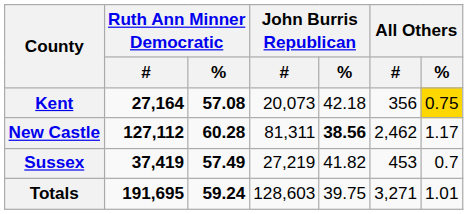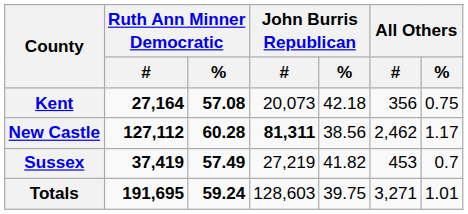 <table class="wikitable sortable" style="text-align:right;font-size:90%;line-height:1.3">
 <tr>
 <th rowspan="2">County</th>
 <th colspan="2"><a href='#'>Ruth Ann Minner</a><br><a href='#'>Democratic</a></th>
 <th colspan="2">John Burris<br><a href='#'>Republican</a></th>
 <th colspan="2">All Others</th>
 </tr>
 <tr>
 <th data-sort-type="number">#</th>
 <th data-sort-type="number">%</th>
 <th data-sort-type="number">#</th>
 <th data-sort-type="number">%</th>
 <th data-sort-type="number">#</th>
 <th data-sort-type="number">%</th>
 </tr>
 <tr>
 <th><a href='#'>Kent</a></th>
 <td><strong>27,164</strong></td>
 <td><strong>57.08</strong></td>
 <td>20,073</td>
 <td>42.18</td>
 <td>356</td>
-<td style="background: gold;">0.75</td>
+<td>0.75</td>
 </tr>
 <tr>
 <th><a href='#'>New Castle</a></th>
 <td><strong>127,112</strong></td>
 <td><strong>60.28</strong></td>
-<td>81,311</td>
-<td><strong>38.56</strong></td>
+<td><strong>81,311</strong></td>
+<td>38.56</td>
 <td>2,462</td>
 <td>1.17</td>
 </tr>
 <tr>
 <th><a href='#'>Sussex</a></th>
 <td><strong>37,419</strong></td>
 <td><strong>57.49</strong></td>
 <td>27,219</td>
 <td>41.82</td>
 <td>453</td>
 <td>0.7</td>
 </tr>
 <tr class="sortbottom">
 <th>Totals</th>
 <td><strong>191,695</strong></td>
 <td><strong>59.24</strong></td>
 <td>128,603</td>
 <td>39.75</td>
 <td>3,271</td>
 <td>1.01</td>
 </tr>
 </table>
